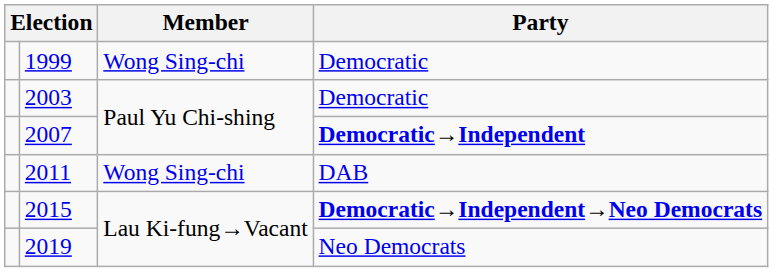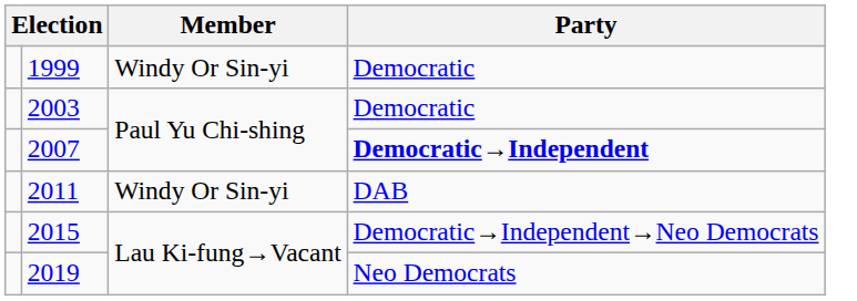 <table class="wikitable">
 <tr>
 <th colspan="2">Election</th>
 <th>Member</th>
 <th>Party</th>
 </tr>
 <tr>
 <td style="background-color: "></td>
 <td><a href='#'>1999</a></td>
-<td><a href='#'>Wong Sing-chi</a></td>
+<td>Windy Or Sin-yi</td>
 <td><a href='#'>Democratic</a></td>
 </tr>
 <tr>
 <td style="background-color: "></td>
 <td><a href='#'>2003</a></td>
 <td rowspan=2>Paul Yu Chi-shing</td>
 <td><a href='#'>Democratic</a></td>
 </tr>
 <tr>
 <td style="background-color: "></td>
 <td><a href='#'>2007</a></td>
 <td><strong><a href='#'>Democratic</a>→<a href='#'>Independent</a></strong></td>
 </tr>
 <tr>
 <td style="background-color: "></td>
 <td><a href='#'>2011</a></td>
-<td><a href='#'>Wong Sing-chi</a></td>
+<td>Windy Or Sin-yi</td>
 <td><a href='#'>DAB</a></td>
 </tr>
 <tr>
 <td style="background-color: "></td>
 <td><a href='#'>2015</a></td>
 <td rowspan=3>Lau Ki-fung→Vacant</td>
-<td><strong><a href='#'>Democratic</a>→<a href='#'>Independent</a>→<a href='#'>Neo Democrats</a></strong></td>
+<td><a href='#'>Democratic</a>→<a href='#'>Independent</a>→<a href='#'>Neo Democrats</a></td>
 </tr>
 <tr>
 <td style="background-color: "></td>
 <td><a href='#'>2019</a></td>
 <td><a href='#'>Neo Democrats</a></td>
 </tr>
 </table>
